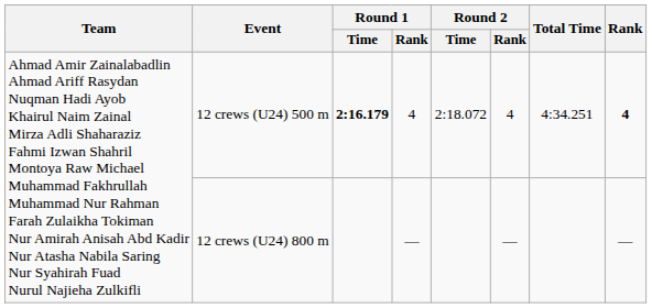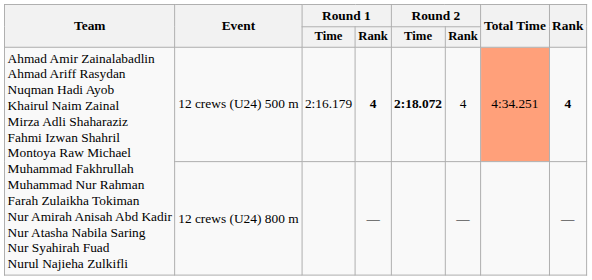 <table class="wikitable" style="font-size:90%">
 <tr>
 <th rowspan=2>Team</th>
 <th rowspan=2>Event</th>
 <th colspan=2>Round 1</th>
 <th colspan=2>Round 2</th>
 <th rowspan=2>Total Time</th>
 <th rowspan=2>Rank</th>
 </tr>
 <tr style="font-size:95%">
 <th>Time</th>
 <th>Rank</th>
 <th>Time</th>
 <th>Rank</th>
 </tr>
 <tr align=center>
 <td rowspan=2 align=left>Ahmad Amir Zainalabadlin<br>Ahmad Ariff Rasydan<br>Nuqman Hadi Ayob<br>Khairul Naim Zainal<br>Mirza Adli Shaharaziz<br>Fahmi Izwan Shahril<br>Montoya Raw Michael<br>Muhammad Fakhrullah<br>Muhammad Nur Rahman<br>Farah Zulaikha Tokiman<br>Nur Amirah Anisah Abd Kadir<br>Nur Atasha Nabila Saring<br>Nur Syahirah Fuad<br>Nurul Najieha Zulkifli</td>
 <td align=left>12 crews (U24) 500 m</td>
-<td><strong>2:16.179</strong></td>
+<td>2:16.179</td>
+<td><strong>4</strong></td>
+<td><strong>2:18.072</strong></td>
 <td>4</td>
-<td>2:18.072</td>
-<td>4</td>
-<td>4:34.251</td>
+<td style="background: lightsalmon;">4:34.251</td>
 <td><strong>4</strong></td>
 </tr>
 <tr align=center>
 <td align=left>12 crews (U24) 800 m</td>
 <td></td>
 <td>—</td>
 <td></td>
 <td>—</td>
 <td></td>
 <td>—</td>
 </tr>
 </table>
